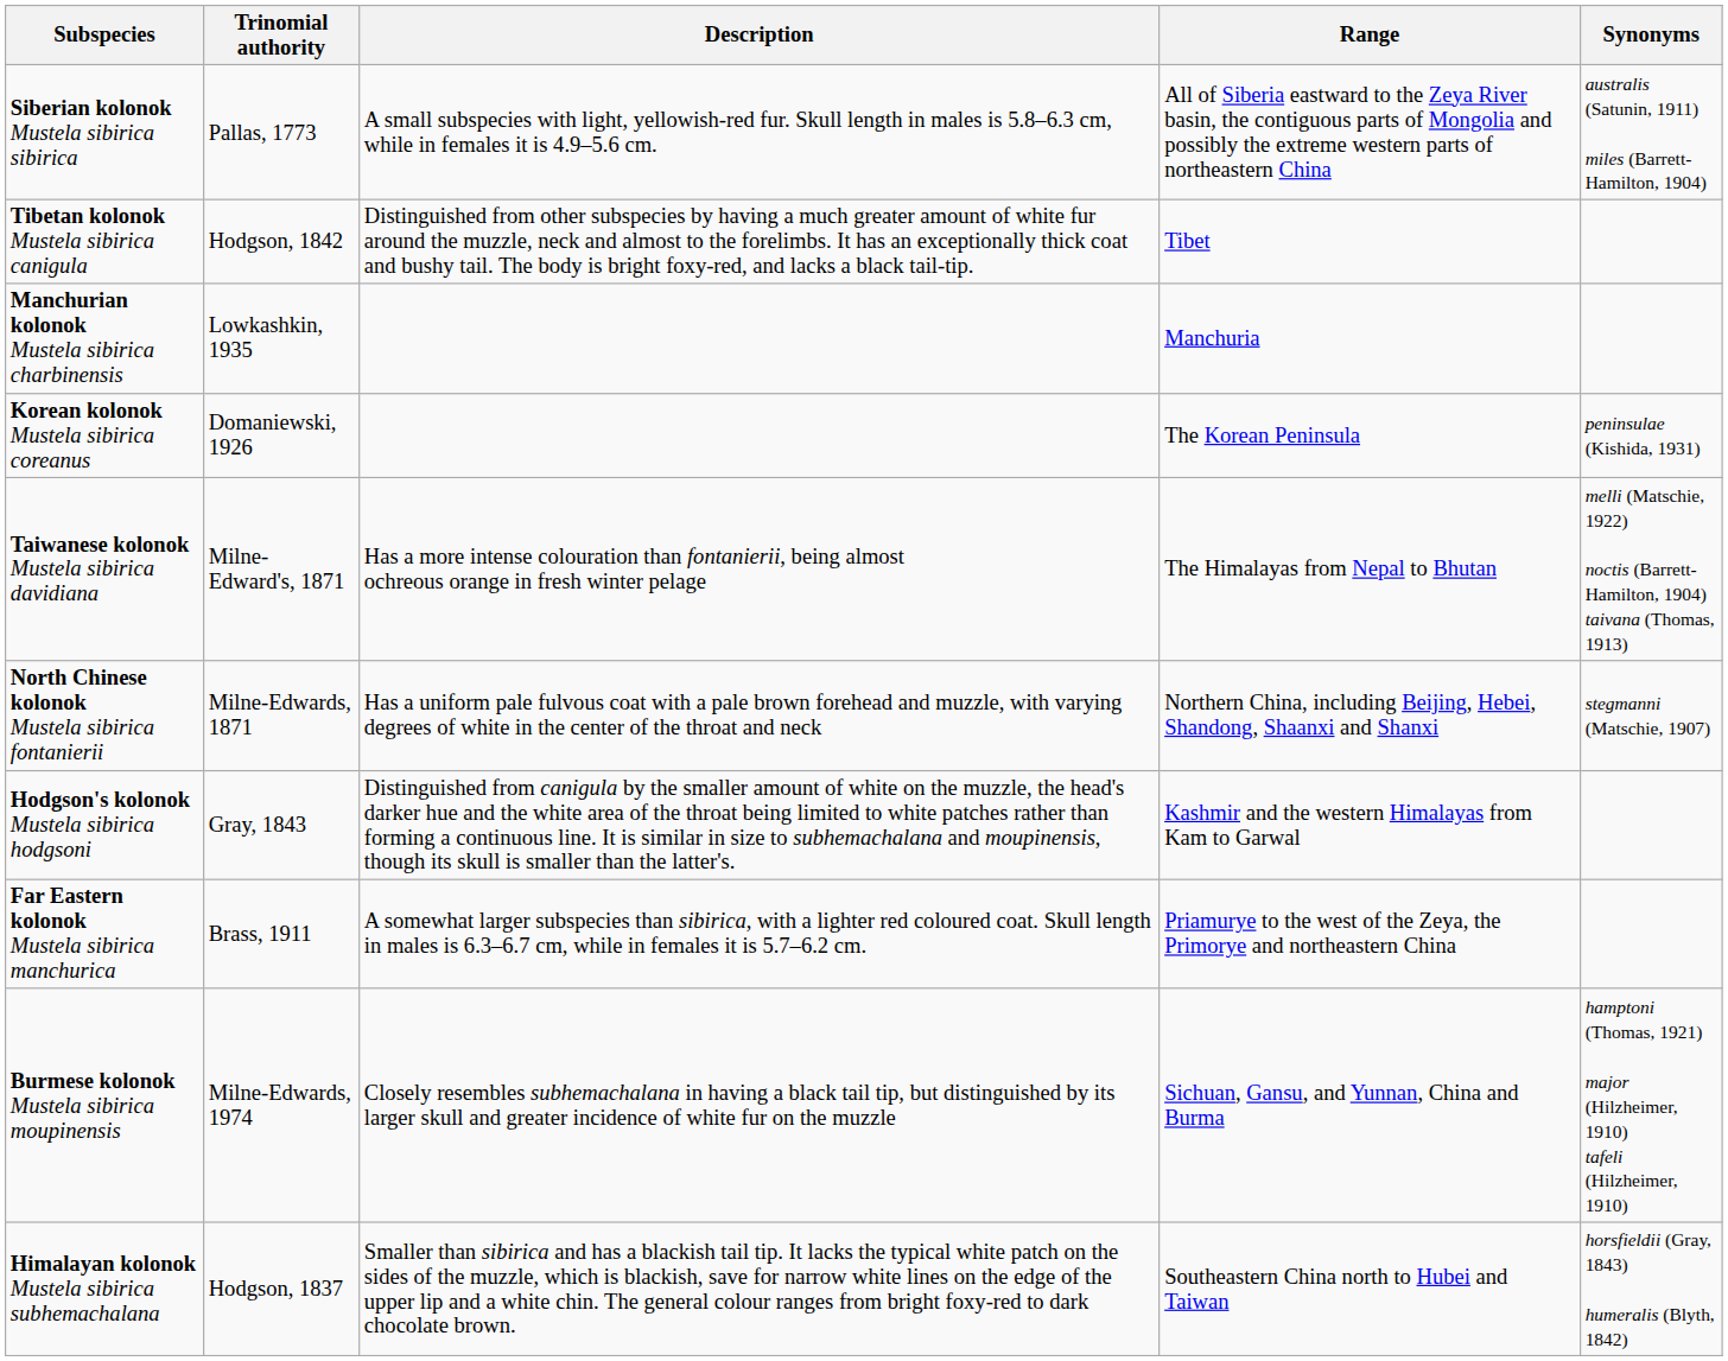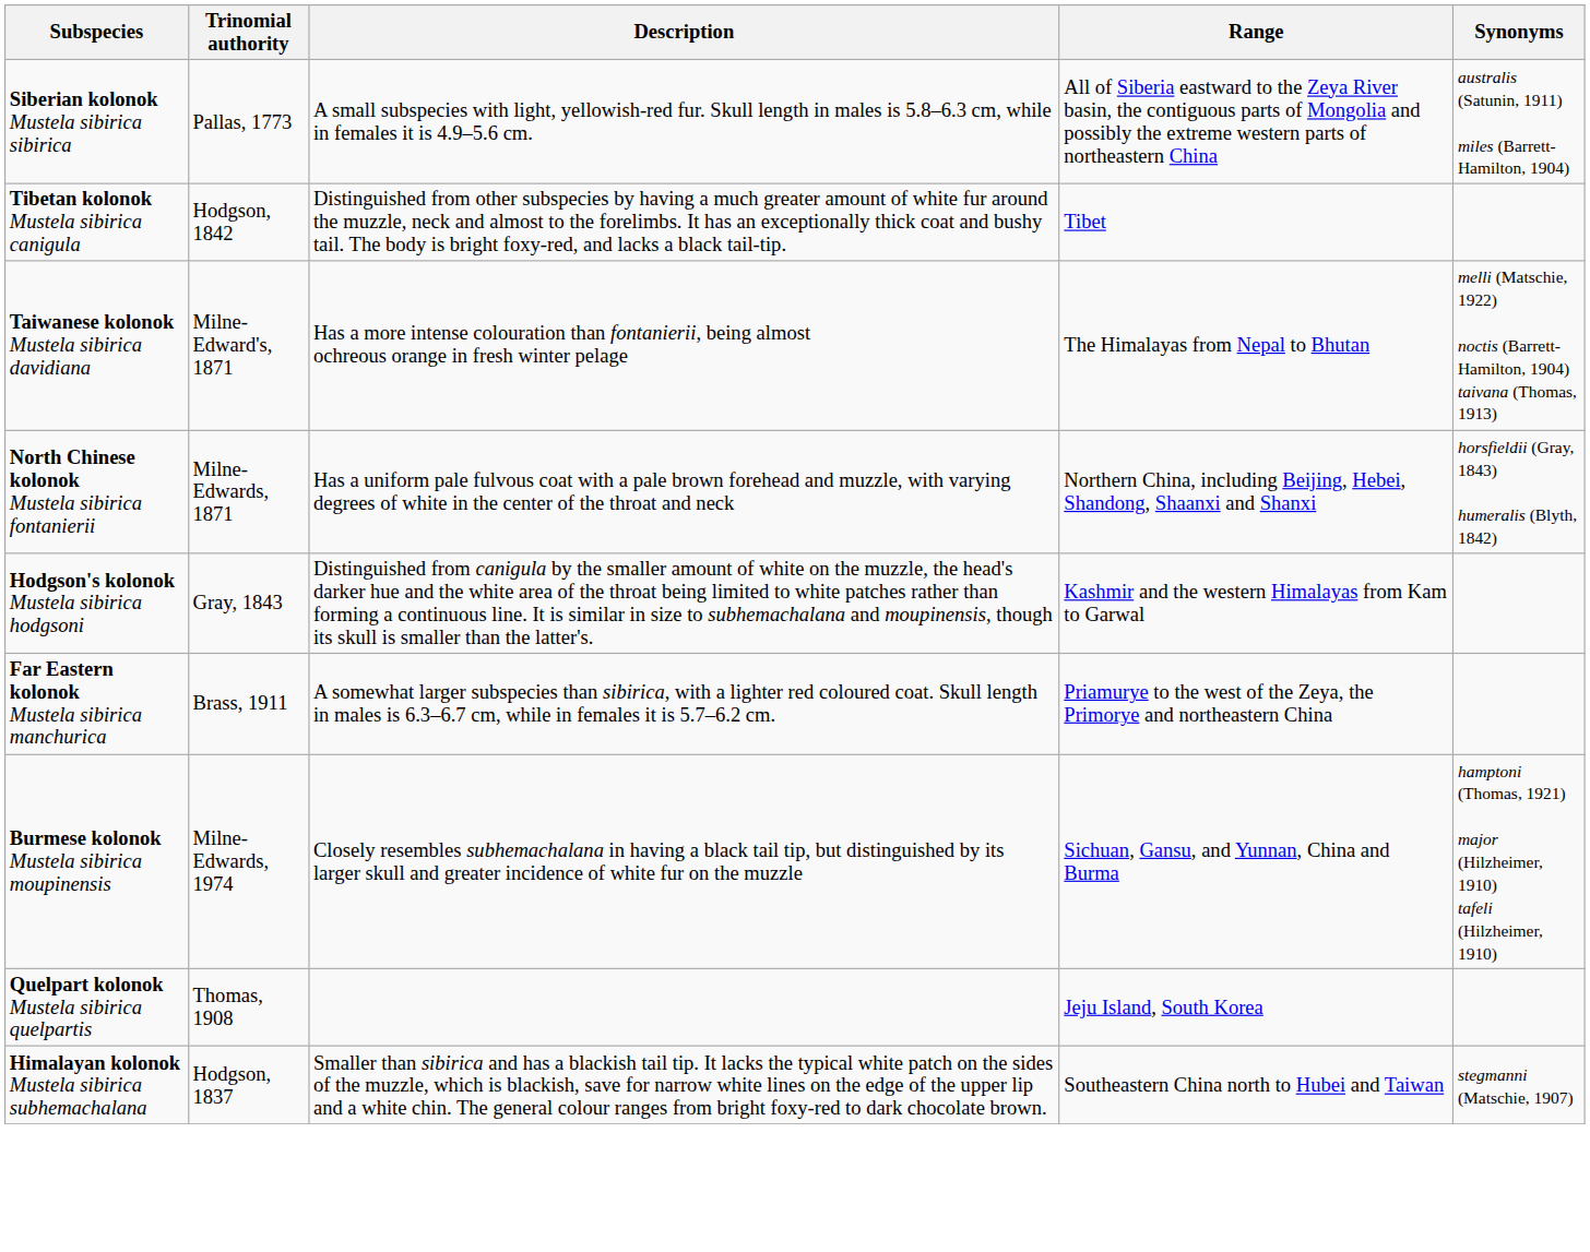 <table class="wikitable">
 <tr>
 <th>Subspecies</th>
 <th>Trinomial authority</th>
 <th>Description</th>
 <th>Range</th>
 <th>Synonyms</th>
 </tr>
 <tr --->
 <td><strong>Siberian kolonok</strong><br><em>Mustela sibirica sibirica</em></td>
 <td>Pallas, 1773</td>
 <td>A small subspecies with light, yellowish-red fur. Skull length in males is 5.8–6.3 cm, while in females it is 4.9–5.6 cm.</td>
 <td>All of <a href='#'>Siberia</a> eastward to the <a href='#'>Zeya River</a> basin, the contiguous parts of <a href='#'>Mongolia</a> and possibly the extreme western parts of northeastern <a href='#'>China</a></td>
 <td><small><em>australis</em> (Satunin, 1911)</small><br><br><small><em>miles</em> (Barrett-Hamilton, 1904)</small><br></td>
 </tr>
 <tr --->
 <td><strong>Tibetan kolonok</strong><br><em>Mustela sibirica canigula</em></td>
 <td>Hodgson, 1842</td>
 <td>Distinguished from other subspecies by having a much greater amount of white fur around the muzzle, neck and almost to the forelimbs. It has an exceptionally thick coat and bushy tail. The body is bright foxy-red, and lacks a black tail-tip.</td>
 <td><a href='#'>Tibet</a></td>
 <td></td>
 </tr>
 <tr --->
-<td><strong>Manchurian kolonok</strong><br><em>Mustela sibirica charbinensis</em></td>
-<td>Lowkashkin, 1935</td>
-<td></td>
-<td><a href='#'>Manchuria</a></td>
-<td></td>
-</tr>
-<tr --->
-<td><strong>Korean kolonok</strong><br><em>Mustela sibirica coreanus</em></td>
-<td>Domaniewski, 1926</td>
-<td></td>
-<td>The <a href='#'>Korean Peninsula</a></td>
-<td><small><em>peninsulae</em> (Kishida, 1931)</small></td>
-</tr>
-<tr --->
 <td><strong>Taiwanese kolonok</strong><br><em>Mustela sibirica davidiana</em><br></td>
 <td>Milne-Edward's, 1871</td>
 <td>Has a more intense colouration than <em>fontanierii</em>, being almost<br>ochreous orange in fresh winter pelage</td>
 <td>The Himalayas from <a href='#'>Nepal</a> to <a href='#'>Bhutan</a></td>
 <td><small><em>melli</em> (Matschie, 1922)</small><br><br><small><em>noctis</em> (Barrett-Hamilton, 1904)</small><br> <small><em>taivana</em> (Thomas, 1913)</small></td>
 </tr>
 <tr --->
 <td><strong>North Chinese kolonok</strong><br><em>Mustela sibirica fontanierii</em><br></td>
 <td>Milne-Edwards, 1871</td>
 <td>Has a uniform pale fulvous coat with a pale brown forehead and muzzle, with varying degrees of white in the center of the throat and neck</td>
 <td>Northern China, including <a href='#'>Beijing</a>, <a href='#'>Hebei</a>, <a href='#'>Shandong</a>, <a href='#'>Shaanxi</a> and <a href='#'>Shanxi</a></td>
-<td><small><em>stegmanni</em> (Matschie, 1907)</small></td>
+<td><small><em>horsfieldii</em> (Gray, 1843)</small><br><br><small><em>humeralis</em> (Blyth, 1842)</small><br></td>
 </tr>
 <tr --->
 <td><strong>Hodgson's kolonok</strong><br><em>Mustela sibirica hodgsoni</em></td>
 <td>Gray, 1843</td>
 <td>Distinguished from <em>canigula</em> by the smaller amount of white on the muzzle, the head's darker hue and the white area of the throat being limited to white patches rather than forming a continuous line. It is similar in size to <em>subhemachalana</em> and <em>moupinensis</em>, though its skull is smaller than the latter's.</td>
 <td><a href='#'>Kashmir</a> and the western <a href='#'>Himalayas</a> from Kam to Garwal</td>
 <td></td>
 </tr>
 <tr --->
 <td><strong>Far Eastern kolonok</strong><br><em>Mustela sibirica manchurica</em></td>
 <td>Brass, 1911</td>
 <td>A somewhat larger subspecies than <em>sibirica</em>, with a lighter red coloured coat. Skull length in males is 6.3–6.7 cm, while in females it is 5.7–6.2 cm.</td>
 <td><a href='#'>Priamurye</a> to the west of the Zeya, the <a href='#'>Primorye</a> and northeastern China</td>
 <td></td>
 </tr>
 <tr --->
 <td><strong>Burmese kolonok</strong><br><em>Mustela sibirica moupinensis</em><br></td>
 <td>Milne-Edwards, 1974</td>
 <td>Closely resembles <em>subhemachalana</em> in having a black tail tip, but distinguished by its larger skull and greater incidence of white fur on the muzzle</td>
 <td><a href='#'>Sichuan</a>, <a href='#'>Gansu</a>, and <a href='#'>Yunnan</a>, China and <a href='#'>Burma</a></td>
 <td><small><em>hamptoni</em> (Thomas, 1921)</small><br><br><small><em>major</em> (Hilzheimer, 1910)</small><br> <small><em>tafeli</em> (Hilzheimer, 1910)</small></td>
 </tr>
 <tr --->
+<td><strong>Quelpart kolonok</strong><br><em>Mustela sibirica quelpartis</em></td>
+<td>Thomas, 1908</td>
+<td></td>
+<td><a href='#'>Jeju Island</a>, <a href='#'>South Korea</a></td>
+<td></td>
+</tr>
+<tr --->
 <td><strong>Himalayan kolonok</strong><br><em>Mustela sibirica subhemachalana</em></td>
 <td>Hodgson, 1837</td>
 <td>Smaller than <em>sibirica</em> and has a blackish tail tip. It lacks the typical white patch on the sides of the muzzle, which is blackish, save for narrow white lines on the edge of the upper lip and a white chin. The general colour ranges from bright foxy-red to dark chocolate brown.</td>
 <td>Southeastern China north to <a href='#'>Hubei</a> and <a href='#'>Taiwan</a></td>
-<td><small><em>horsfieldii</em> (Gray, 1843)</small><br><br><small><em>humeralis</em> (Blyth, 1842)</small><br></td>
+<td><small><em>stegmanni</em> (Matschie, 1907)</small></td>
 </tr>
 <tr --->
 </tr>
 </table>
